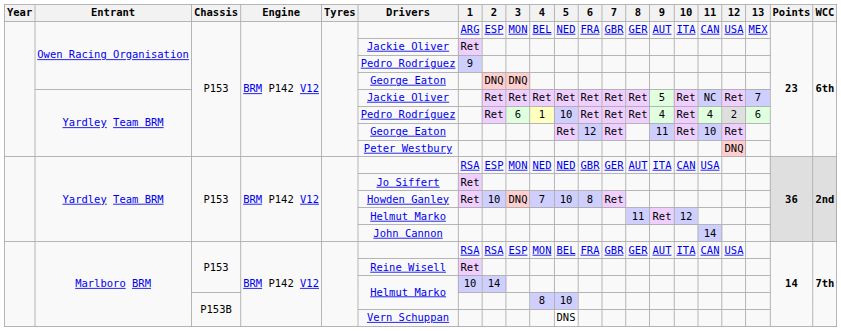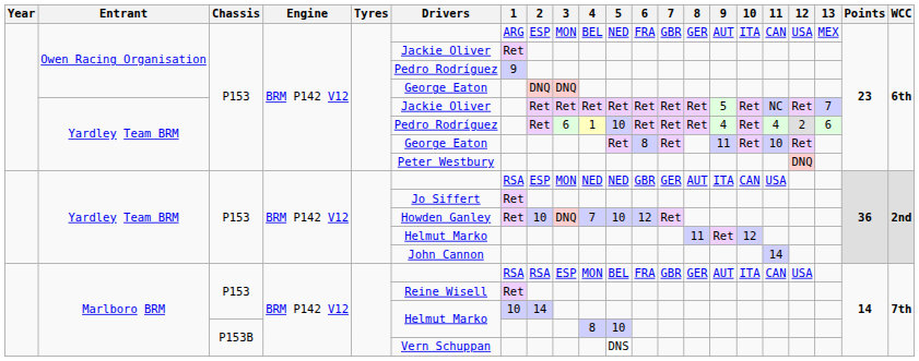 <table class="wikitable" style="text-align:center; font-size:95%">
 <tr>
 <th>Year</th>
 <th>Entrant</th>
 <th>Chassis</th>
 <th>Engine</th>
 <th>Tyres</th>
 <th>Drivers</th>
 <th>1</th>
 <th>2</th>
 <th>3</th>
 <th>4</th>
 <th>5</th>
 <th>6</th>
 <th>7</th>
 <th>8</th>
 <th>9</th>
 <th>10</th>
 <th>11</th>
 <th>12</th>
 <th>13</th>
 <th>Points</th>
 <th>WCC</th>
 </tr>
 <tr>
 <td rowspan="8"></td>
 <td rowspan="4"><a href='#'>Owen Racing Organisation</a></td>
 <td rowspan="8">P153</td>
 <td rowspan="8"><a href='#'>BRM</a> P142 <a href='#'>V12</a></td>
 <td rowspan="8"></td>
 <td></td>
 <td><a href='#'>ARG</a></td>
 <td><a href='#'>ESP</a></td>
 <td><a href='#'>MON</a></td>
 <td><a href='#'>BEL</a></td>
 <td><a href='#'>NED</a></td>
 <td><a href='#'>FRA</a></td>
 <td><a href='#'>GBR</a></td>
 <td><a href='#'>GER</a></td>
 <td><a href='#'>AUT</a></td>
 <td><a href='#'>ITA</a></td>
 <td><a href='#'>CAN</a></td>
 <td><a href='#'>USA</a></td>
 <td><a href='#'>MEX</a></td>
 <td rowspan="8"><strong>23</strong></td>
 <td rowspan="8"><strong>6th</strong></td>
 </tr>
 <tr>
 <td><a href='#'>Jackie Oliver</a></td>
 <td style="background:#EFCFFF;">Ret</td>
 <td></td>
 <td></td>
 <td></td>
 <td></td>
 <td></td>
 <td></td>
 <td></td>
 <td></td>
 <td></td>
 <td></td>
 <td></td>
 <td></td>
 </tr>
 <tr>
 <td><a href='#'>Pedro Rodríguez</a></td>
 <td style="background:#CFCFFF;">9</td>
 <td></td>
 <td></td>
 <td></td>
 <td></td>
 <td></td>
 <td></td>
 <td></td>
 <td></td>
 <td></td>
 <td></td>
 <td></td>
 <td></td>
 </tr>
 <tr>
 <td><a href='#'>George Eaton</a></td>
 <td></td>
 <td style="background:#ffcfcf;">DNQ</td>
 <td style="background:#ffcfcf;">DNQ</td>
 <td></td>
 <td></td>
 <td></td>
 <td></td>
 <td></td>
 <td></td>
 <td></td>
 <td></td>
 <td></td>
 <td></td>
 </tr>
 <tr>
 <td rowspan="4"><a href='#'>Yardley</a> <a href='#'>Team BRM</a></td>
 <td><a href='#'>Jackie Oliver</a></td>
 <td></td>
 <td style="background:#EFCFFF;">Ret</td>
 <td style="background:#EFCFFF;">Ret</td>
 <td style="background:#EFCFFF;">Ret</td>
 <td style="background:#EFCFFF;">Ret</td>
 <td style="background:#EFCFFF;">Ret</td>
 <td style="background:#EFCFFF;">Ret</td>
 <td style="background:#EFCFFF;">Ret</td>
 <td style="background:#DFFFDF;">5</td>
 <td style="background:#EFCFFF;">Ret</td>
 <td style="background:#CFCFFF;">NC</td>
 <td style="background:#EFCFFF;">Ret</td>
 <td style="background:#CFCFFF;">7</td>
 </tr>
 <tr>
 <td><a href='#'>Pedro Rodríguez</a></td>
 <td></td>
 <td style="background:#EFCFFF;">Ret</td>
 <td style="background:#DFFFDF;">6</td>
 <td style="background:#ffffbf;">1</td>
 <td style="background:#CFCFFF;">10</td>
 <td style="background:#EFCFFF;">Ret</td>
 <td style="background:#EFCFFF;">Ret</td>
 <td style="background:#EFCFFF;">Ret</td>
 <td style="background:#DFFFDF;">4</td>
 <td style="background:#EFCFFF;">Ret</td>
 <td style="background:#DFFFDF;">4</td>
 <td style="background:#DFDFDF;">2</td>
 <td style="background:#DFFFDF;">6</td>
 </tr>
 <tr>
 <td><a href='#'>George Eaton</a></td>
 <td></td>
 <td></td>
 <td></td>
 <td></td>
 <td style="background:#EFCFFF;">Ret</td>
-<td style="background:#CFCFFF;">12</td>
+<td style="background:#CFCFFF;">8</td>
 <td style="background:#EFCFFF;">Ret</td>
 <td></td>
 <td style="background:#CFCFFF;">11</td>
 <td style="background:#EFCFFF;">Ret</td>
 <td style="background:#CFCFFF;">10</td>
 <td style="background:#EFCFFF;">Ret</td>
 <td></td>
 </tr>
 <tr>
 <td><a href='#'>Peter Westbury</a></td>
 <td></td>
 <td></td>
 <td></td>
 <td></td>
 <td></td>
 <td></td>
 <td></td>
 <td></td>
 <td></td>
 <td></td>
 <td></td>
 <td style="background:#ffcfcf;">DNQ</td>
 <td></td>
 </tr>
 <tr>
 <td rowspan="5"></td>
 <td rowspan="5"><a href='#'>Yardley</a> <a href='#'>Team BRM</a></td>
 <td rowspan="5">P153</td>
 <td rowspan="5"><a href='#'>BRM</a> P142 <a href='#'>V12</a></td>
 <td rowspan="5"></td>
 <td></td>
 <td><a href='#'>RSA</a></td>
 <td><a href='#'>ESP</a></td>
 <td><a href='#'>MON</a></td>
 <td><a href='#'>NED</a></td>
 <td><a href='#'>NED</a></td>
 <td><a href='#'>GBR</a></td>
 <td><a href='#'>GER</a></td>
 <td><a href='#'>AUT</a></td>
 <td><a href='#'>ITA</a></td>
 <td><a href='#'>CAN</a></td>
 <td><a href='#'>USA</a></td>
 <td></td>
 <td></td>
 <td rowspan="5" style="background:#dfdfdf;"><strong>36</strong></td>
 <td rowspan="5" style="background:#dfdfdf;"><strong>2nd</strong></td>
 </tr>
 <tr>
 <td><a href='#'>Jo Siffert</a></td>
 <td style="background:#EFCFFF;">Ret</td>
 <td></td>
 <td></td>
 <td></td>
 <td></td>
 <td></td>
 <td></td>
 <td></td>
 <td></td>
 <td></td>
 <td></td>
 <td></td>
 <td></td>
 </tr>
 <tr>
 <td><a href='#'>Howden Ganley</a></td>
 <td style="background:#EFCFFF;">Ret</td>
 <td style="background:#CFCFFF;">10</td>
 <td style="background:#ffcfcf;">DNQ</td>
 <td style="background:#CFCFFF;">7</td>
 <td style="background:#CFCFFF;">10</td>
-<td style="background:#CFCFFF;">8</td>
+<td style="background:#CFCFFF;">12</td>
 <td style="background:#EFCFFF;">Ret</td>
 <td></td>
 <td></td>
 <td></td>
 <td></td>
 <td></td>
 <td></td>
 </tr>
 <tr>
 <td><a href='#'>Helmut Marko</a></td>
 <td></td>
 <td></td>
 <td></td>
 <td></td>
 <td></td>
 <td></td>
 <td></td>
 <td style="background:#CFCFFF;">11</td>
 <td style="background:#EFCFFF;">Ret</td>
 <td style="background:#CFCFFF;">12</td>
 <td></td>
 <td></td>
 <td></td>
 </tr>
 <tr>
 <td><a href='#'>John Cannon</a></td>
 <td></td>
 <td></td>
 <td></td>
 <td></td>
 <td></td>
 <td></td>
 <td></td>
 <td></td>
 <td></td>
 <td></td>
 <td style="background:#CFCFFF;">14</td>
 <td></td>
 <td></td>
 </tr>
 <tr>
 <td rowspan="5"></td>
 <td rowspan="5"><a href='#'>Marlboro</a> <a href='#'>BRM</a></td>
 <td rowspan="3">P153</td>
 <td rowspan="5"><a href='#'>BRM</a> P142 <a href='#'>V12</a></td>
 <td rowspan="5"></td>
 <td></td>
 <td><a href='#'>RSA</a></td>
 <td><a href='#'>RSA</a></td>
 <td><a href='#'>ESP</a></td>
 <td><a href='#'>MON</a></td>
 <td><a href='#'>BEL</a></td>
 <td><a href='#'>FRA</a></td>
 <td><a href='#'>GBR</a></td>
 <td><a href='#'>GER</a></td>
 <td><a href='#'>AUT</a></td>
 <td><a href='#'>ITA</a></td>
 <td><a href='#'>CAN</a></td>
 <td><a href='#'>USA</a></td>
 <td></td>
 <td rowspan="5"><strong>14</strong></td>
 <td rowspan="5"><strong>7th</strong></td>
 </tr>
 <tr>
 <td><a href='#'>Reine Wisell</a></td>
 <td style="background:#EFCFFF;">Ret</td>
 <td></td>
 <td></td>
 <td></td>
 <td></td>
 <td></td>
 <td></td>
 <td></td>
 <td></td>
 <td></td>
 <td></td>
 <td></td>
 <td></td>
 </tr>
 <tr>
 <td rowspan="2"><a href='#'>Helmut Marko</a></td>
 <td style="background:#CFCFFF;">10</td>
 <td style="background:#CFCFFF;">14</td>
 <td></td>
 <td></td>
 <td></td>
 <td></td>
 <td></td>
 <td></td>
 <td></td>
 <td></td>
 <td></td>
 <td></td>
 <td></td>
 </tr>
 <tr>
 <td rowspan="2">P153B</td>
 <td></td>
 <td></td>
 <td></td>
 <td style="background:#CFCFFF;">8</td>
 <td style="background:#CFCFFF;">10</td>
 <td></td>
 <td></td>
 <td></td>
 <td></td>
 <td></td>
 <td></td>
 <td></td>
 <td></td>
 </tr>
 <tr>
 <td><a href='#'>Vern Schuppan</a></td>
 <td></td>
 <td></td>
 <td></td>
 <td></td>
 <td style="background:#FFFFFF;">DNS</td>
 <td></td>
 <td></td>
 <td></td>
 <td></td>
 <td></td>
 <td></td>
 <td></td>
 <td></td>
 </tr>
 </table>
